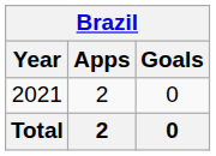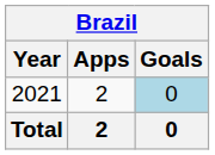 <table class="wikitable" style="text-align:center">
 <tr>
 <th colspan=4><a href='#'>Brazil</a></th>
 </tr>
 <tr>
 <th>Year</th>
 <th>Apps</th>
 <th>Goals</th>
 </tr>
 <tr>
 <td>2021</td>
 <td>2</td>
-<td>0</td>
+<td style="background: lightblue;">0</td>
 </tr>
 <tr>
 <th>Total</th>
 <th>2</th>
 <th>0</th>
 </tr>
 </table>
